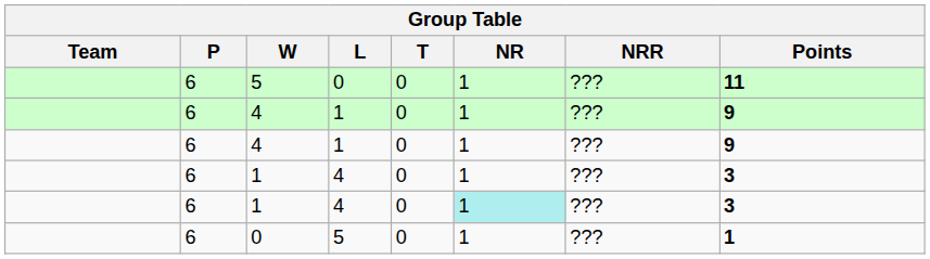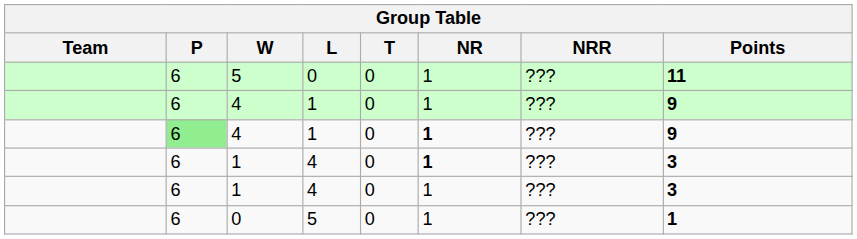 <table class="wikitable" width=85%>
 <tr>
 <th colspan="8">Group Table</th>
 </tr>
 <tr>
 <th>Team</th>
 <th>P</th>
 <th>W</th>
 <th>L</th>
 <th>T</th>
 <th>NR</th>
 <th>NRR</th>
 <th>Points</th>
 </tr>
 <tr style="background:#ccffcc">
 <td align=left></td>
 <td>6</td>
 <td>5</td>
 <td>0</td>
 <td>0</td>
 <td>1</td>
 <td>???</td>
 <td><strong>11</strong></td>
 </tr>
 <tr style="background:#ccffcc">
 <td align=left></td>
 <td>6</td>
 <td>4</td>
 <td>1</td>
 <td>0</td>
 <td>1</td>
 <td>???</td>
 <td><strong>9</strong></td>
 </tr>
 <tr>
 <td align=left></td>
-<td>6</td>
+<td style="background: lightgreen;">6</td>
 <td>4</td>
 <td>1</td>
 <td>0</td>
-<td>1</td>
+<td><strong>1</strong></td>
 <td>???</td>
 <td><strong>9</strong></td>
+</tr>
+<tr>
+<td align=left></td>
+<td>6</td>
+<td>1</td>
+<td>4</td>
+<td>0</td>
+<td><strong>1</strong></td>
+<td>???</td>
+<td><strong>3</strong></td>
 </tr>
 <tr>
 <td align=left></td>
 <td>6</td>
 <td>1</td>
 <td>4</td>
 <td>0</td>
 <td>1</td>
 <td>???</td>
 <td><strong>3</strong></td>
 </tr>
 <tr>
 <td align=left></td>
 <td>6</td>
-<td>1</td>
-<td>4</td>
-<td>0</td>
-<td style="background: paleturquoise;">1</td>
-<td>???</td>
-<td><strong>3</strong></td>
-</tr>
-<tr>
-<td align=left></td>
-<td>6</td>
 <td>0</td>
 <td>5</td>
 <td>0</td>
 <td>1</td>
 <td>???</td>
 <td><strong>1</strong></td>
 </tr>
 </table>
